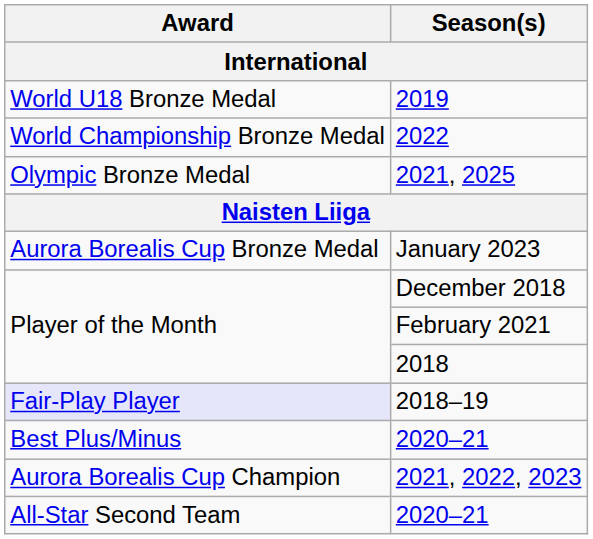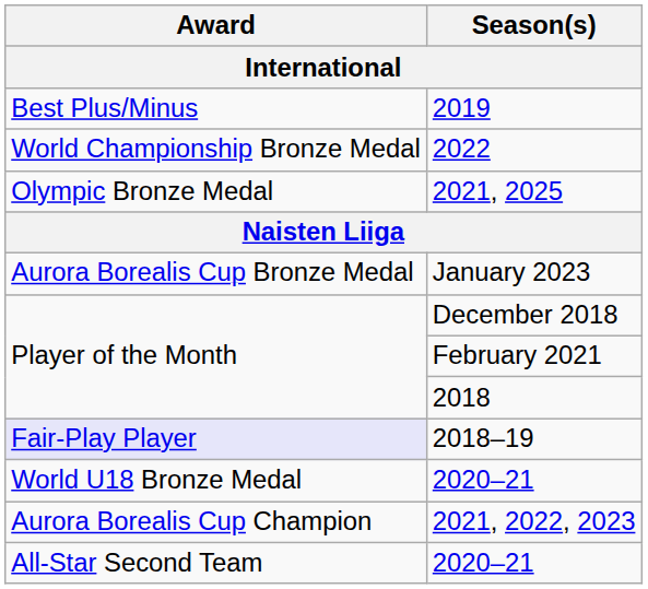 <table class="wikitable">
 <tr>
 <th scope="col">Award</th>
 <th scope="col">Season(s)</th>
 </tr>
 <tr>
 <th colspan="2">International</th>
 </tr>
 <tr>
-<td><a href='#'>World U18</a> Bronze Medal</td>
+<td><a href='#'>Best Plus/Minus</a></td>
 <td><a href='#'>2019</a></td>
 </tr>
 <tr>
 <td><a href='#'>World Championship</a> Bronze Medal</td>
 <td><a href='#'>2022</a></td>
 </tr>
 <tr>
 <td><a href='#'>Olympic</a> Bronze Medal</td>
 <td><a href='#'>2021</a>, <a href='#'>2025</a></td>
 </tr>
 <tr>
 <th colspan="2"><a href='#'>Naisten Liiga</a></th>
 </tr>
 <tr>
 <td><a href='#'>Aurora Borealis Cup</a> Bronze Medal</td>
 <td>January 2023</td>
 </tr>
 <tr>
 <td rowspan="3">Player of the Month</td>
 <td>December 2018</td>
 </tr>
 <tr>
 <td>February 2021</td>
 </tr>
 <tr>
 <td>2018</td>
 </tr>
 <tr>
 <td style="background: lavender;"><a href='#'>Fair-Play Player</a></td>
 <td>2018–19</td>
 </tr>
 <tr>
-<td><a href='#'>Best Plus/Minus</a></td>
+<td><a href='#'>World U18</a> Bronze Medal</td>
 <td><a href='#'>2020–21</a></td>
 </tr>
 <tr>
 <td><a href='#'>Aurora Borealis Cup</a> Champion</td>
 <td><a href='#'>2021</a>, <a href='#'>2022</a>, <a href='#'>2023</a></td>
 </tr>
 <tr>
 <td><a href='#'>All-Star</a> Second Team</td>
 <td><a href='#'>2020–21</a></td>
 </tr>
 </table>
